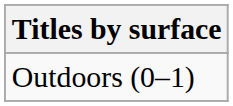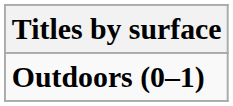 <table class=wikitable style=font-size:97%>
 <tr>
 <th>Titles by surface</th>
 </tr>
 <tr>
-<td>Outdoors (0–1)</td>
+<td><strong>Outdoors (0–1)</strong></td>
 </tr>
 </table>
